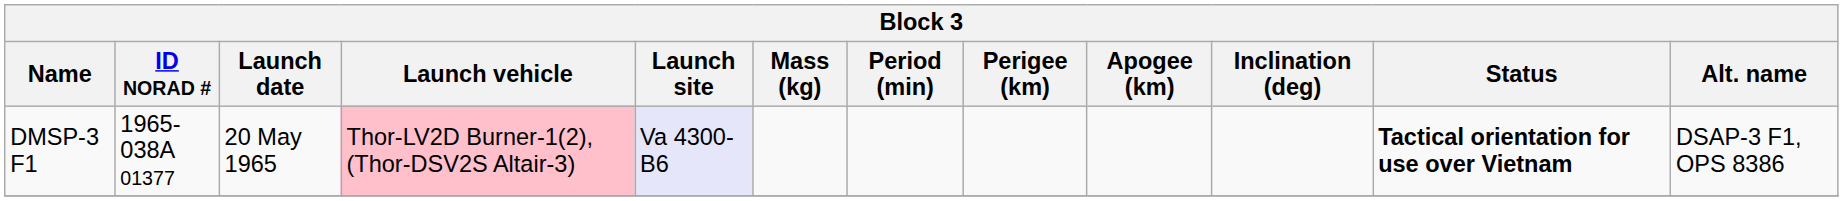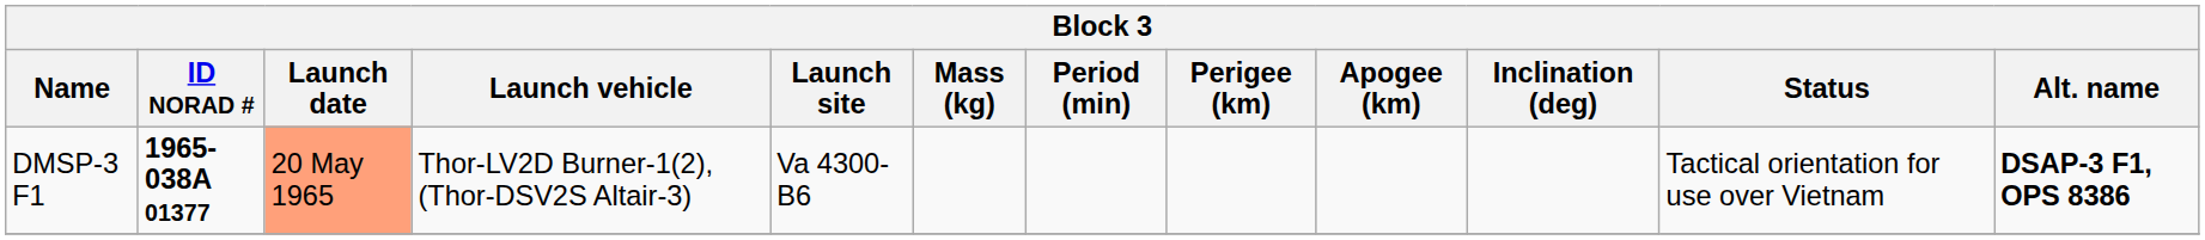 <table class="wikitable collapsible collapsed" border="1">
 <tr>
 <th align="center" colspan="100">Block 3</th>
 </tr>
 <tr>
 <th>Name</th>
 <th><a href='#'>ID</a><br><small>NORAD #</small></th>
 <th>Launch date</th>
 <th>Launch vehicle</th>
 <th>Launch site</th>
 <th>Mass (kg)</th>
 <th>Period (min)</th>
 <th>Perigee (km)</th>
 <th>Apogee (km)</th>
 <th>Inclination (deg)</th>
 <th>Status</th>
 <th>Alt. name</th>
 </tr>
 <tr>
 <td>DMSP-3 F1</td>
-<td>1965-038A<br><small>01377</small></td>
-<td>20 May 1965</td>
-<td style="background: pink;">Thor-LV2D Burner-1(2), (Thor-DSV2S Altair-3)</td>
-<td style="background: lavender;">Va 4300-B6</td>
+<td><strong>1965-038A<br><small>01377</small></strong></td>
+<td style="background: lightsalmon;">20 May 1965</td>
+<td>Thor-LV2D Burner-1(2), (Thor-DSV2S Altair-3)</td>
+<td>Va 4300-B6</td>
 <td></td>
 <td></td>
 <td></td>
 <td></td>
 <td></td>
-<td><strong>Tactical orientation for use over Vietnam</strong></td>
-<td>DSAP-3 F1, OPS 8386</td>
+<td>Tactical orientation for use over Vietnam</td>
+<td><strong>DSAP-3 F1, OPS 8386</strong></td>
 </tr>
 <tr>
 </tr>
 </table>
